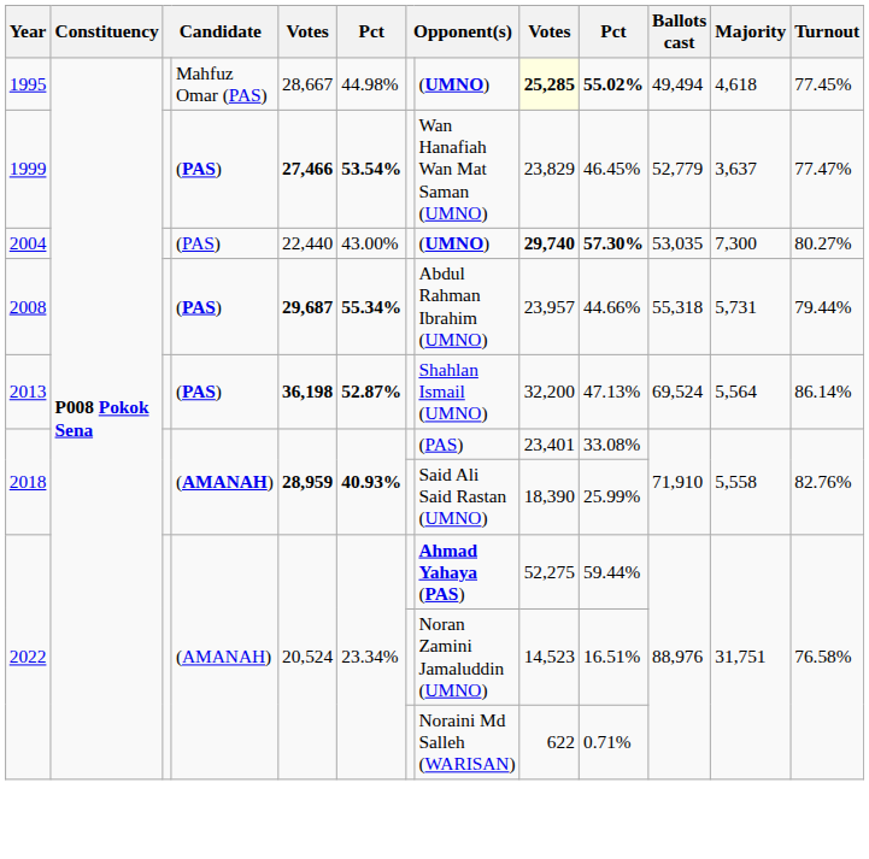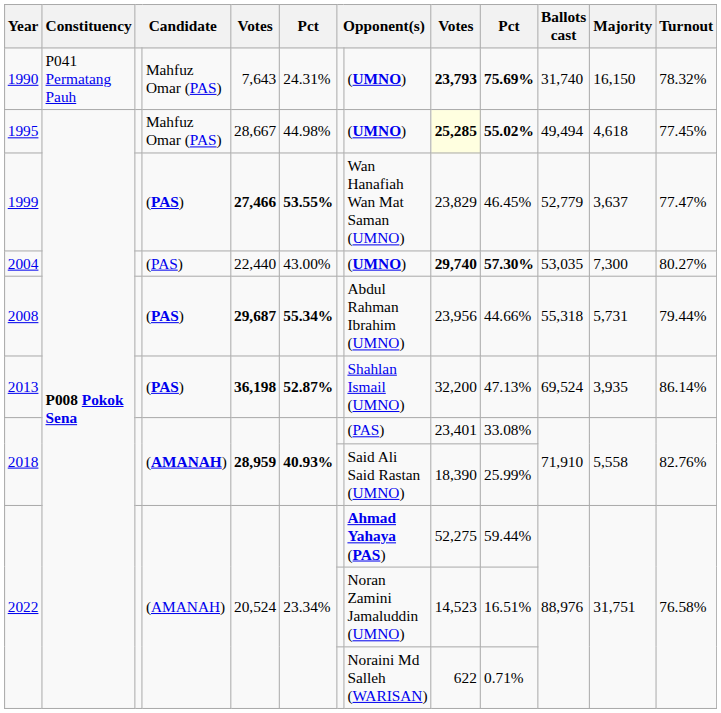 <table class="wikitable" style="margin:0.5em ; font-size:95%">
 <tr>
 <th>Year</th>
 <th>Constituency</th>
 <th colspan=2>Candidate</th>
 <th>Votes</th>
 <th>Pct</th>
 <th colspan=2>Opponent(s)</th>
 <th>Votes</th>
 <th>Pct</th>
 <th>Ballots cast</th>
 <th>Majority</th>
 <th>Turnout</th>
+</tr>
+<tr>
+<td><a href='#'>1990</a></td>
+<td>P041 <a href='#'>Permatang Pauh</a></td>
+<td></td>
+<td>Mahfuz Omar (<a href='#'>PAS</a>)</td>
+<td style="text-align:right">7,643</td>
+<td>24.31%</td>
+<td></td>
+<td><strong></strong> (<a href='#'><strong>UMNO</strong></a>)</td>
+<td style="text-align:right"><strong>23,793</strong></td>
+<td><strong>75.69%</strong></td>
+<td>31,740</td>
+<td>16,150</td>
+<td>78.32%</td>
 </tr>
 <tr>
 <td><a href='#'>1995</a></td>
 <td rowspan="10"><strong>P008 <a href='#'>Pokok Sena</a></strong></td>
 <td></td>
 <td>Mahfuz Omar (<a href='#'>PAS</a>)</td>
 <td style="text-align:right">28,667</td>
 <td>44.98%</td>
 <td></td>
 <td><strong></strong> (<a href='#'><strong>UMNO</strong></a>)</td>
 <td style="background: lightyellow; text-align:right"><strong>25,285</strong></td>
 <td><strong>55.02%</strong></td>
 <td>49,494</td>
 <td>4,618</td>
 <td>77.45%</td>
 </tr>
 <tr>
 <td><a href='#'>1999</a></td>
 <td></td>
 <td><strong></strong> (<a href='#'><strong>PAS</strong></a>)</td>
 <td style="text-align:right"><strong>27,466</strong></td>
-<td><strong>53.54%</strong></td>
+<td><strong>53.55%</strong></td>
 <td></td>
 <td>Wan Hanafiah Wan Mat Saman (<a href='#'>UMNO</a>)</td>
 <td style="text-align:right">23,829</td>
 <td>46.45%</td>
 <td>52,779</td>
 <td>3,637</td>
 <td>77.47%</td>
 </tr>
 <tr>
 <td><a href='#'>2004</a></td>
 <td></td>
 <td> (<a href='#'>PAS</a>)</td>
 <td style="text-align:right">22,440</td>
 <td>43.00%</td>
 <td></td>
 <td><strong></strong> (<a href='#'><strong>UMNO</strong></a>)</td>
 <td style="text-align:right"><strong>29,740</strong></td>
 <td><strong>57.30%</strong></td>
 <td>53,035</td>
 <td>7,300</td>
 <td>80.27%</td>
 </tr>
 <tr>
 <td><a href='#'>2008</a></td>
 <td></td>
 <td><strong></strong> (<a href='#'><strong>PAS</strong></a>)</td>
 <td style="text-align:right"><strong>29,687</strong></td>
 <td><strong>55.34%</strong></td>
 <td></td>
 <td>Abdul Rahman Ibrahim (<a href='#'>UMNO</a>)</td>
-<td style="text-align:right">23,957</td>
+<td style="text-align:right">23,956</td>
 <td>44.66%</td>
 <td>55,318</td>
 <td>5,731</td>
 <td>79.44%</td>
 </tr>
 <tr>
 <td><a href='#'>2013</a></td>
 <td></td>
 <td><strong></strong> (<a href='#'><strong>PAS</strong></a>)</td>
 <td style="text-align:right"><strong>36,198</strong></td>
 <td><strong>52.87%</strong></td>
 <td></td>
 <td><a href='#'>Shahlan Ismail</a> (<a href='#'>UMNO</a>)</td>
 <td style="text-align:right">32,200</td>
 <td>47.13%</td>
 <td>69,524</td>
-<td>5,564</td>
+<td>3,935</td>
 <td>86.14%</td>
 </tr>
 <tr>
 <td rowspan=2><a href='#'>2018</a></td>
 <td rowspan=2 ></td>
 <td rowspan=2><strong></strong> (<a href='#'><strong>AMANAH</strong></a>)</td>
 <td rowspan=2 style="text-align:right"><strong>28,959</strong></td>
 <td rowspan=2><strong>40.93%</strong></td>
 <td></td>
 <td> (<a href='#'>PAS</a>)</td>
 <td style="text-align:right">23,401</td>
 <td>33.08%</td>
 <td rowspan=2>71,910</td>
 <td rowspan=2>5,558</td>
 <td rowspan=2>82.76%</td>
 </tr>
 <tr>
 <td></td>
 <td>Said Ali Said Rastan (<a href='#'>UMNO</a>)</td>
 <td style="text-align:right">18,390</td>
 <td>25.99%</td>
 </tr>
 <tr>
 <td rowspan=3><a href='#'>2022</a></td>
 <td rowspan=3 ></td>
 <td rowspan=3> (<a href='#'>AMANAH</a>)</td>
 <td rowspan=3 style="text-align:right">20,524</td>
 <td rowspan=3>23.34%</td>
 <td style="background:"></td>
 <td><strong><a href='#'>Ahmad Yahaya</a></strong> (<a href='#'><strong>PAS</strong></a>)</td>
 <td style="text-align:right">52,275</td>
 <td>59.44%</td>
 <td rowspan=3>88,976</td>
 <td rowspan=3>31,751</td>
 <td rowspan=3>76.58%</td>
 </tr>
 <tr>
 <td></td>
 <td>Noran Zamini Jamaluddin (<a href='#'>UMNO</a>)</td>
 <td style="text-align:right">14,523</td>
 <td>16.51%</td>
 </tr>
 <tr>
 <td></td>
 <td>Noraini Md Salleh (<a href='#'>WARISAN</a>)</td>
 <td style="text-align:right">622</td>
 <td>0.71%</td>
 </tr>
 </table>
